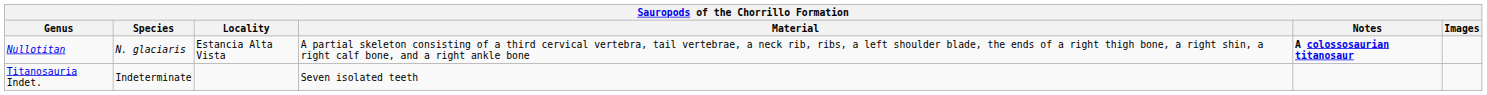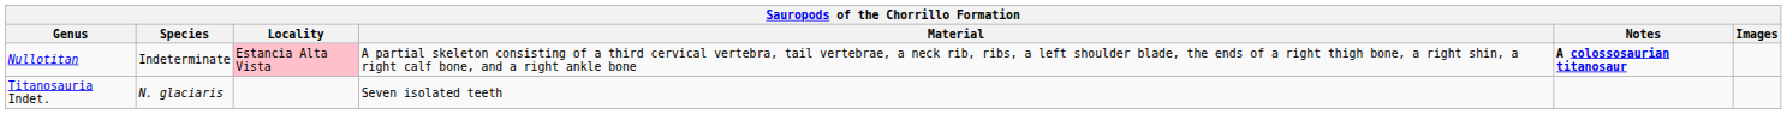 <table class="wikitable" align="center">
 <tr>
 <th colspan="7" align="center"><a href='#'>Sauropods</a> of the Chorrillo Formation</th>
 </tr>
 <tr>
 <th>Genus</th>
 <th>Species</th>
 <th>Locality</th>
 <th>Material</th>
 <th>Notes</th>
 <th>Images</th>
 </tr>
 <tr>
 <td><em><a href='#'>Nullotitan</a></em></td>
-<td><em>N. glaciaris</em></td>
-<td>Estancia Alta Vista</td>
+<td>Indeterminate</td>
+<td style="background: pink;">Estancia Alta Vista</td>
 <td>A partial skeleton consisting of a third cervical vertebra, tail vertebrae, a neck rib, ribs, a left shoulder blade, the ends of a right thigh bone, a right shin, a right calf bone, and a right ankle bone</td>
 <td><strong>A  <a href='#'>colossosaurian</a> <a href='#'>titanosaur</a></strong></td>
 <td></td>
 </tr>
 <tr>
 <td><a href='#'>Titanosauria</a> Indet.</td>
-<td>Indeterminate</td>
+<td><em>N. glaciaris</em></td>
 <td></td>
 <td>Seven isolated teeth</td>
 <td></td>
 <td></td>
 </tr>
 </table>
